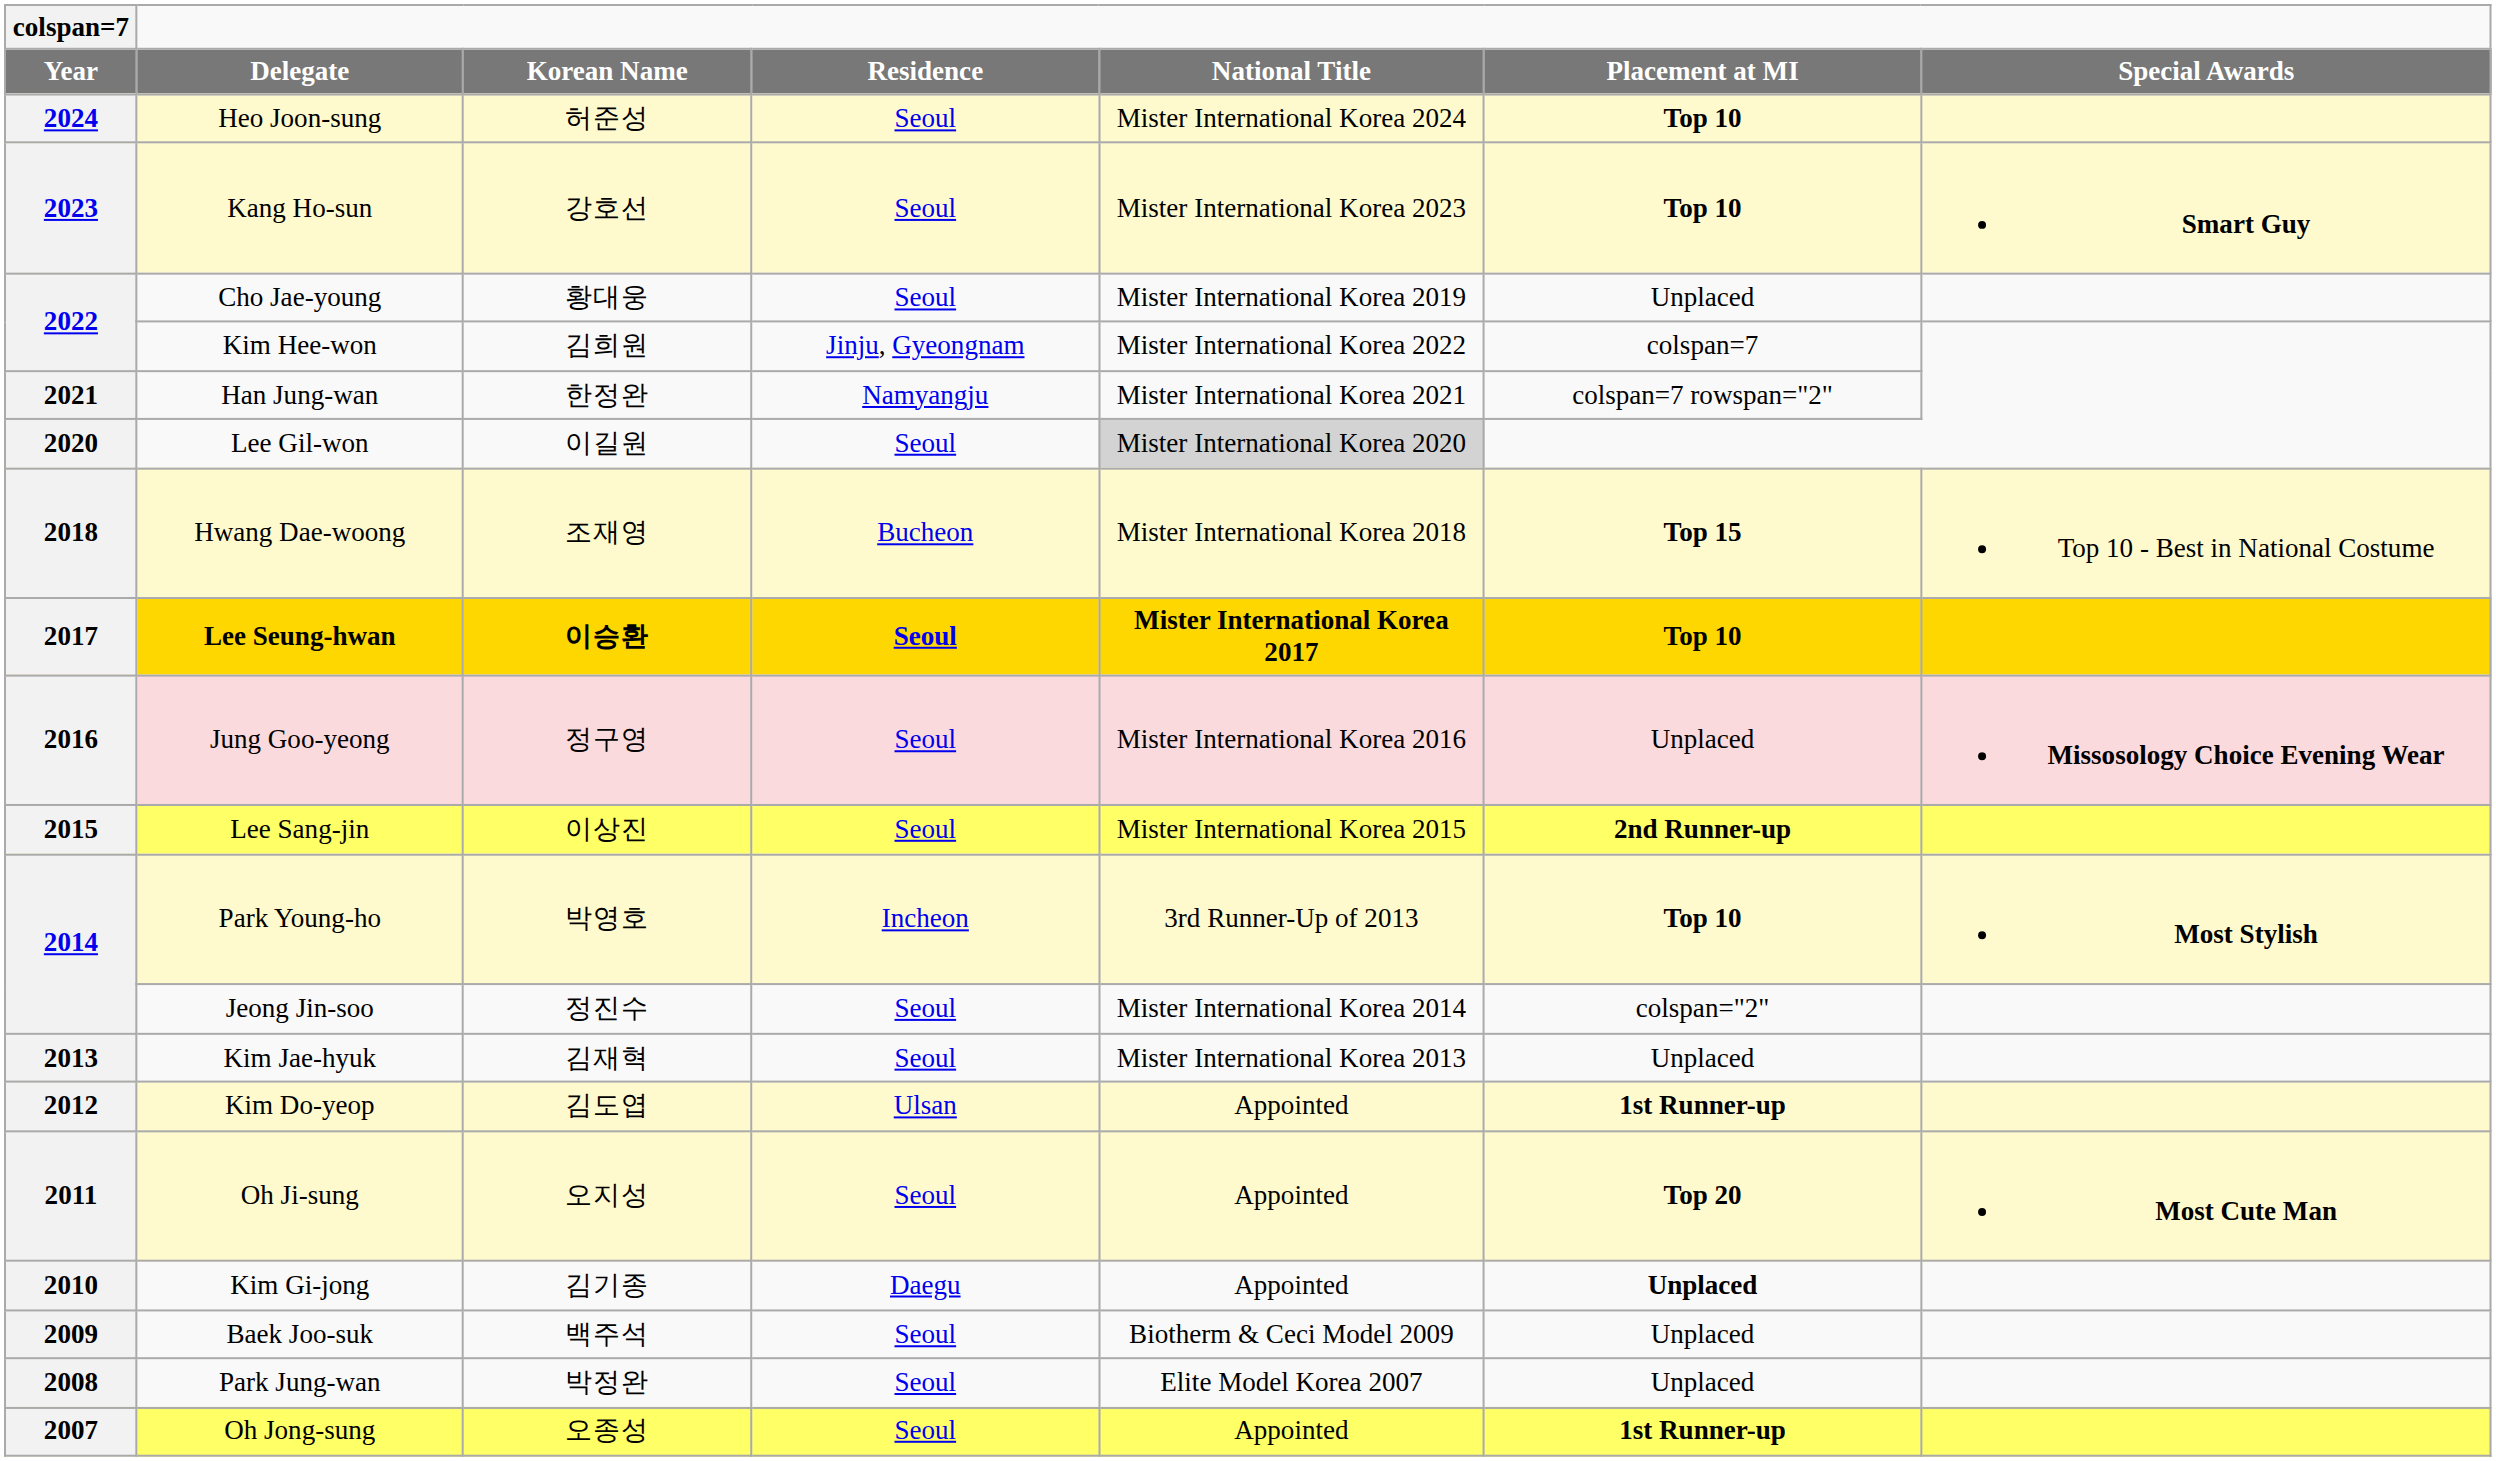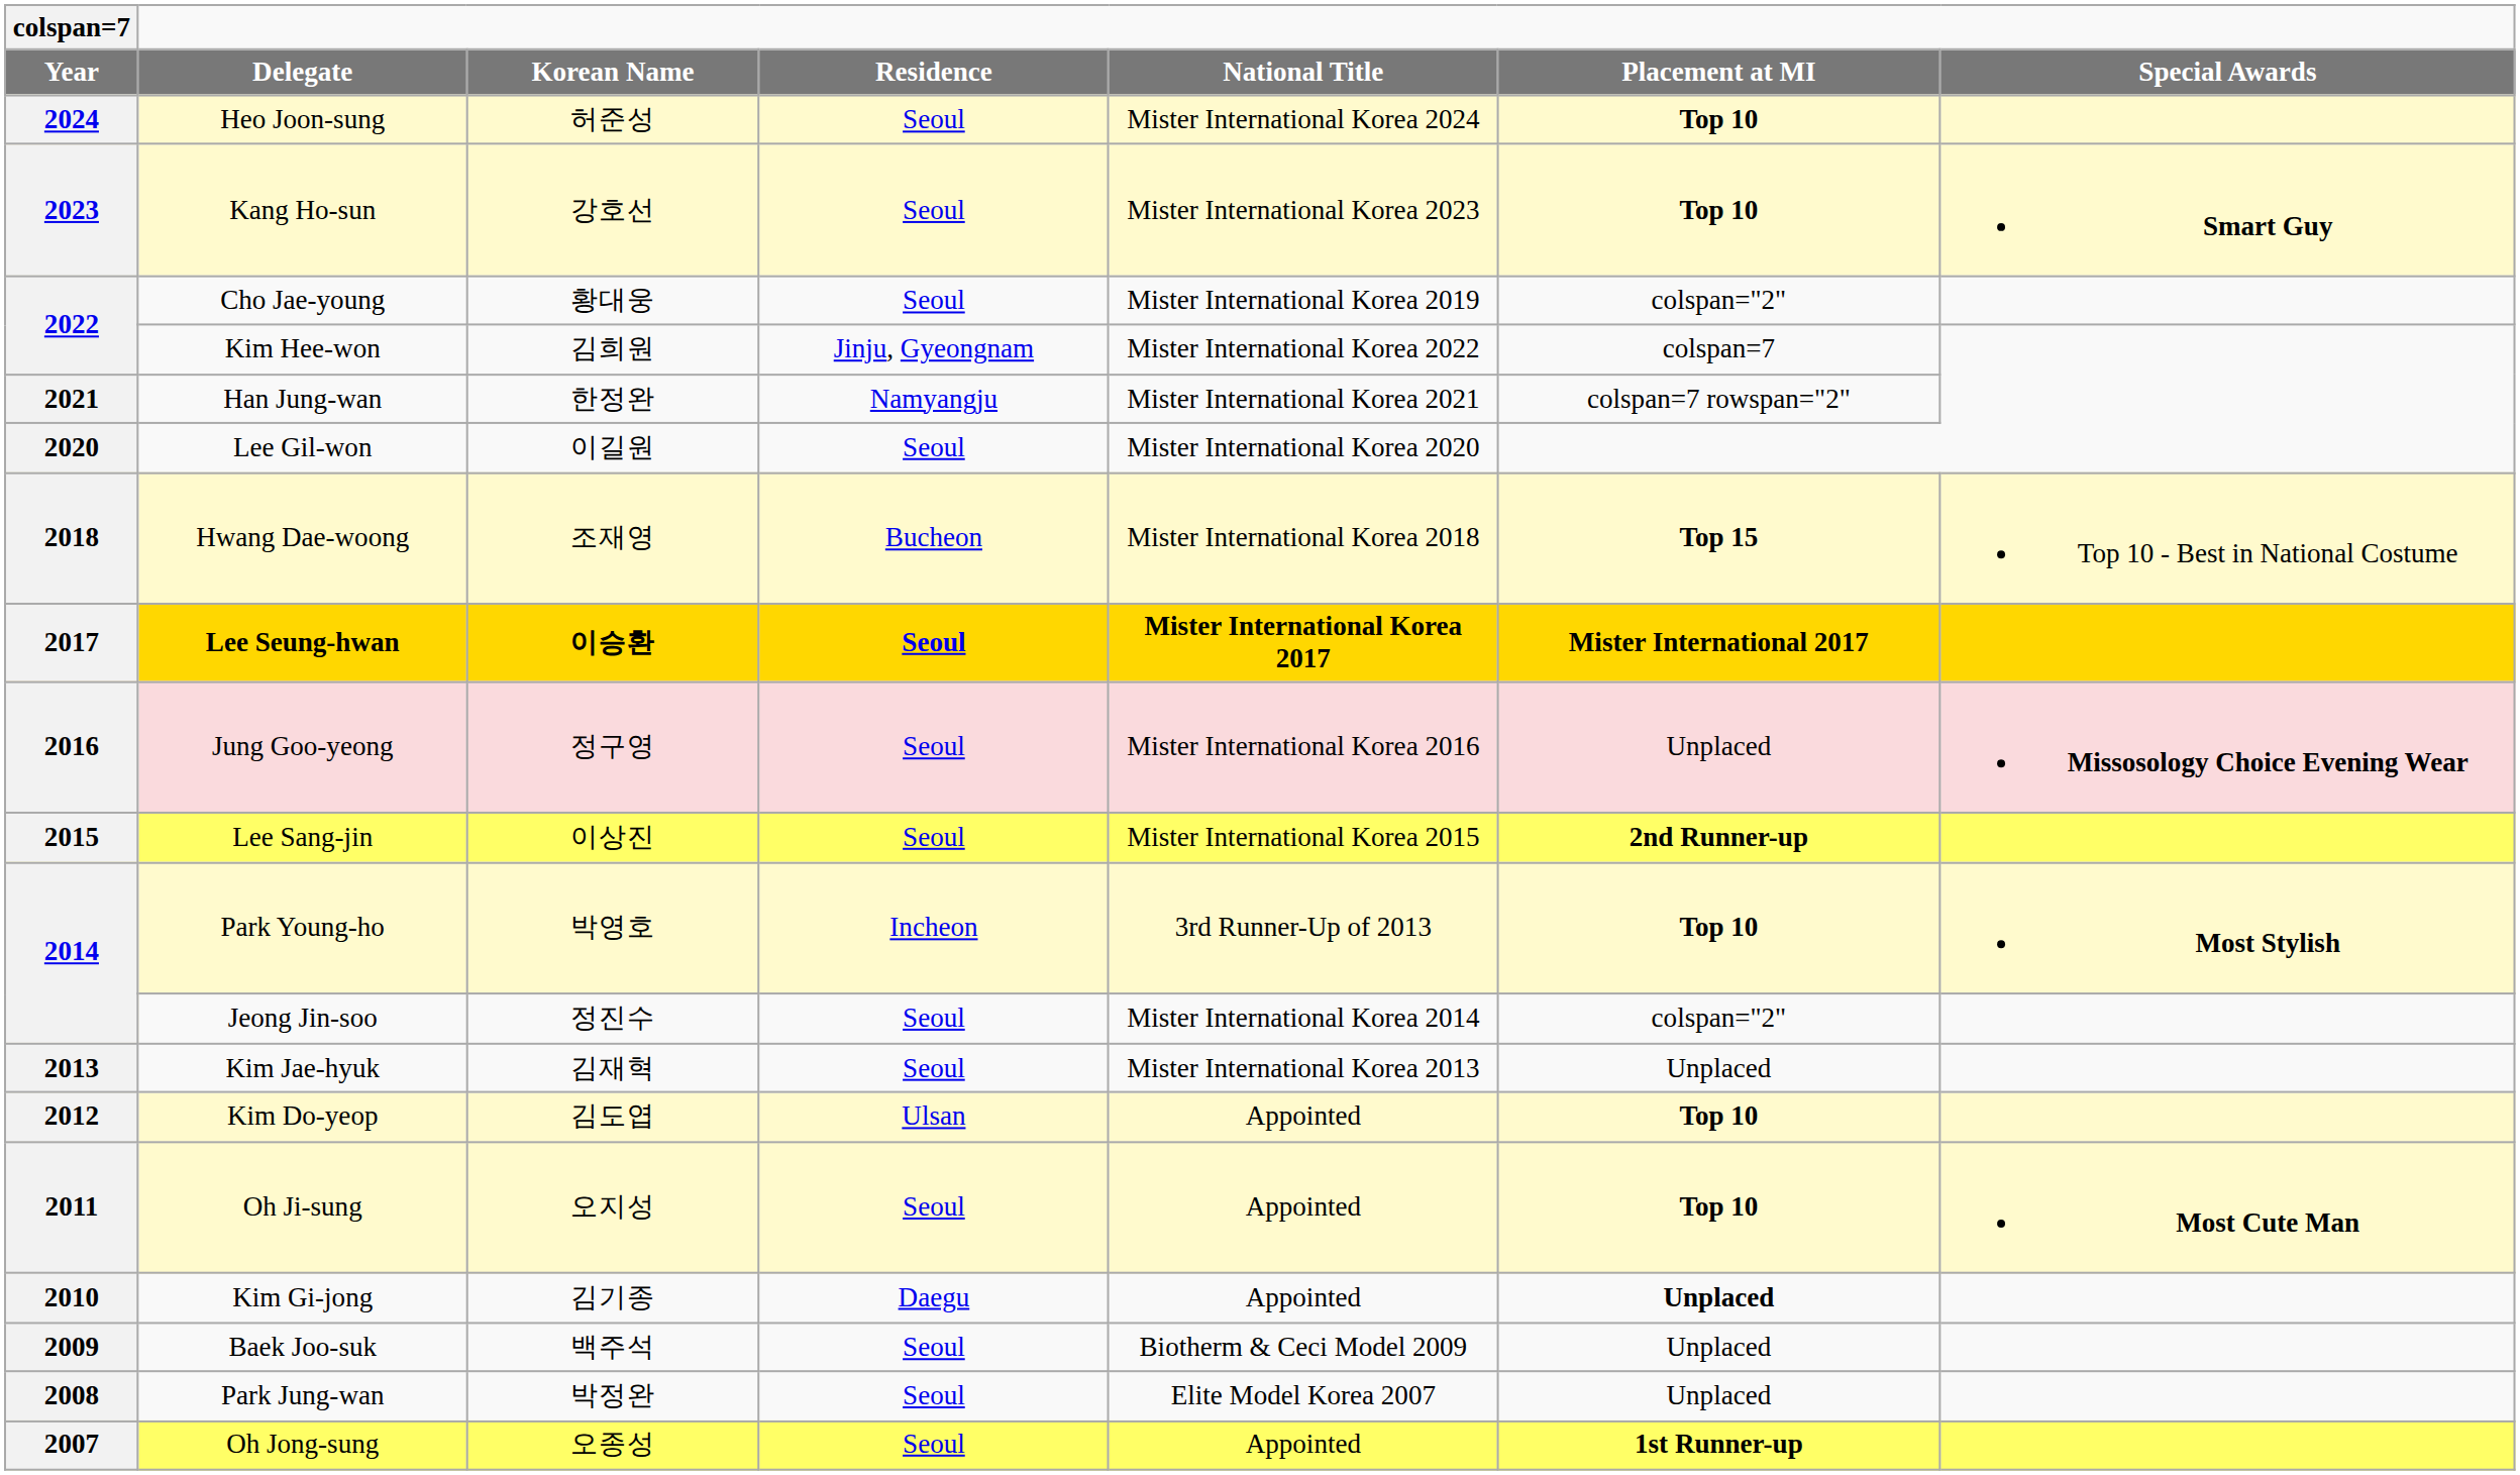 <table class="wikitable sortable" style="font-size: 85%; text-align:center">
 <tr>
 <th>colspan=7 </th>
 </tr>
 <tr>
 <th width="60" style="background-color:#787878;color:#FFFFFF;">Year</th>
 <th width="170" style="background-color:#787878;color:#FFFFFF;">Delegate</th>
 <th width="150" style="background-color:#787878;color:#FFFFFF;">Korean Name</th>
 <th width="180" style="background-color:#787878;color:#FFFFFF;">Residence</th>
 <th width="200" style="background-color:#787878;color:#FFFFFF;">National Title</th>
 <th width="230" style="background-color:#787878;color:#FFFFFF;">Placement at MI</th>
 <th width="300" style="background-color:#787878;color:#FFFFFF;">Special Awards</th>
 </tr>
 <tr style="background-color:#FFFACD;">
 <th><a href='#'>2024</a></th>
 <td>Heo Joon-sung</td>
 <td>허준성</td>
 <td><a href='#'>Seoul</a></td>
 <td>Mister International Korea 2024</td>
 <td><strong>Top 10</strong></td>
 <td></td>
 </tr>
 <tr style="background-color:#FFFACD;">
 <th><a href='#'>2023</a></th>
 <td>Kang Ho-sun</td>
 <td>강호선</td>
 <td><a href='#'>Seoul</a></td>
 <td>Mister International Korea 2023</td>
 <td><strong>Top 10</strong></td>
 <td><br><ul><li><strong>Smart Guy</strong></li></ul></td>
 </tr>
 <tr>
 <th rowspan="2"><a href='#'>2022</a></th>
 <td>Cho Jae-young</td>
 <td>황대웅</td>
 <td><a href='#'>Seoul</a></td>
 <td>Mister International Korea 2019</td>
-<td>Unplaced</td>
+<td>colspan="2" </td>
 <td></td>
 </tr>
 <tr>
 <td>Kim Hee-won</td>
 <td>김희원</td>
 <td><a href='#'>Jinju</a>, <a href='#'>Gyeongnam</a></td>
 <td>Mister International Korea 2022</td>
 <td>colspan=7 </td>
 </tr>
 <tr>
 <th>2021</th>
 <td>Han Jung-wan</td>
 <td>한정완</td>
 <td><a href='#'>Namyangju</a></td>
 <td>Mister International Korea 2021</td>
 <td>colspan=7 rowspan="2" </td>
 </tr>
 <tr>
 <th>2020</th>
 <td>Lee Gil-won</td>
 <td>이길원</td>
 <td><a href='#'>Seoul</a></td>
-<td style="background: lightgrey;">Mister International Korea 2020</td>
+<td>Mister International Korea 2020</td>
 </tr>
 <tr style="background-color:#FFFACD;">
 <th>2018</th>
 <td>Hwang Dae-woong</td>
 <td>조재영</td>
 <td><a href='#'>Bucheon</a></td>
 <td>Mister International Korea 2018</td>
 <td><strong>Top 15</strong></td>
 <td><br><ul><li>Top 10 - Best in National Costume</li></ul></td>
 </tr>
 <tr style="background-color:GOLD;">
 <th><strong>2017</strong></th>
 <td><strong>Lee Seung-hwan</strong></td>
 <td><strong>이승환</strong></td>
 <td><strong><a href='#'>Seoul</a></strong></td>
 <td><strong>Mister International Korea 2017</strong></td>
-<td><strong>Top 10</strong></td>
+<td><strong>Mister International 2017</strong></td>
 <td></td>
 </tr>
 <tr style="background-color:#FADADD;: bold">
 <th>2016</th>
 <td>Jung Goo-yeong</td>
 <td>정구영</td>
 <td><a href='#'>Seoul</a></td>
 <td>Mister International Korea 2016</td>
 <td>Unplaced</td>
 <td><br><ul><li><strong>Missosology Choice Evening Wear</strong></li></ul></td>
 </tr>
 <tr style="background-color:#FFFF66;">
 <th>2015</th>
 <td>Lee Sang-jin</td>
 <td>이상진</td>
 <td><a href='#'>Seoul</a></td>
 <td>Mister International Korea 2015</td>
 <td><strong>2nd Runner-up</strong></td>
 <td></td>
 </tr>
 <tr style="background-color:#FFFACD;">
 <th rowspan="2"><a href='#'>2014</a></th>
 <td>Park Young-ho</td>
 <td>박영호</td>
 <td><a href='#'>Incheon</a></td>
 <td>3rd Runner-Up of 2013</td>
 <td><strong>Top 10</strong></td>
 <td><br><ul><li><strong>Most Stylish</strong></li></ul></td>
 </tr>
 <tr>
 <td>Jeong Jin-soo</td>
 <td>정진수</td>
 <td><a href='#'>Seoul</a></td>
 <td>Mister International Korea 2014</td>
 <td>colspan="2" </td>
 </tr>
 <tr>
 <th>2013</th>
 <td>Kim Jae-hyuk</td>
 <td>김재혁</td>
 <td><a href='#'>Seoul</a></td>
 <td>Mister International Korea 2013</td>
 <td>Unplaced</td>
 <td></td>
 </tr>
 <tr style="background-color:#FFFACD;">
 <th>2012</th>
 <td>Kim Do-yeop</td>
 <td>김도엽</td>
 <td><a href='#'>Ulsan</a></td>
 <td>Appointed</td>
-<td><strong>1st Runner-up</strong></td>
+<td><strong>Top 10</strong></td>
 <td></td>
 </tr>
 <tr style="background-color:#FFFACD;">
 <th>2011</th>
 <td>Oh Ji-sung</td>
 <td>오지성</td>
 <td><a href='#'>Seoul</a></td>
 <td>Appointed</td>
-<td><strong>Top 20</strong></td>
+<td><strong>Top 10</strong></td>
 <td><br><ul><li><strong>Most Cute Man</strong></li></ul></td>
 </tr>
 <tr>
 <th>2010</th>
 <td>Kim Gi-jong</td>
 <td>김기종</td>
 <td><a href='#'>Daegu</a></td>
 <td>Appointed</td>
 <td><strong>Unplaced</strong></td>
 <td></td>
 </tr>
 <tr>
 <th>2009</th>
 <td>Baek Joo-suk</td>
 <td>백주석</td>
 <td><a href='#'>Seoul</a></td>
 <td>Biotherm & Ceci Model 2009</td>
 <td>Unplaced</td>
 <td></td>
 </tr>
 <tr>
 <th>2008</th>
 <td>Park Jung-wan</td>
 <td>박정완</td>
 <td><a href='#'>Seoul</a></td>
 <td>Elite Model Korea 2007</td>
 <td>Unplaced</td>
 <td></td>
 </tr>
 <tr style="background-color:#FFFF66;">
 <th>2007</th>
 <td>Oh Jong-sung</td>
 <td>오종성</td>
 <td><a href='#'>Seoul</a></td>
 <td>Appointed</td>
 <td><strong>1st Runner-up</strong></td>
 <td></td>
 </tr>
 </table>
